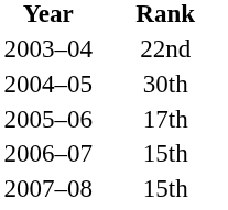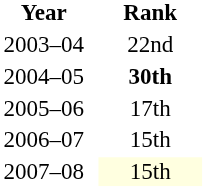 <table style="border:'1' 'solid' 'black'; width:150px;">
 <tr style="text-align:center;">
 <th style="width:64px; ">Year</th>
 <th style="width:64px; ">Rank</th>
 </tr>
 <tr style="text-align:center;">
 <td style="width:64px;">2003–04</td>
 <td style="width:64px;">22nd</td>
 </tr>
 <tr style="text-align:center;">
 <td style="width:64px;">2004–05</td>
-<td style="width:64px;">30th</td>
+<td style="width:64px;"><strong>30th</strong></td>
 </tr>
 <tr style="text-align:center;">
 <td style="width:64px;">2005–06</td>
 <td style="width:64px;">17th</td>
 </tr>
 <tr style="text-align:center;">
 <td style="width:64px;">2006–07</td>
 <td style="width:64px;">15th</td>
 </tr>
 <tr style="text-align:center;">
 <td style="width:64px;">2007–08</td>
-<td style="width:64px;">15th</td>
+<td style="background: lightyellow; width:64px;">15th</td>
 </tr>
 </table>
